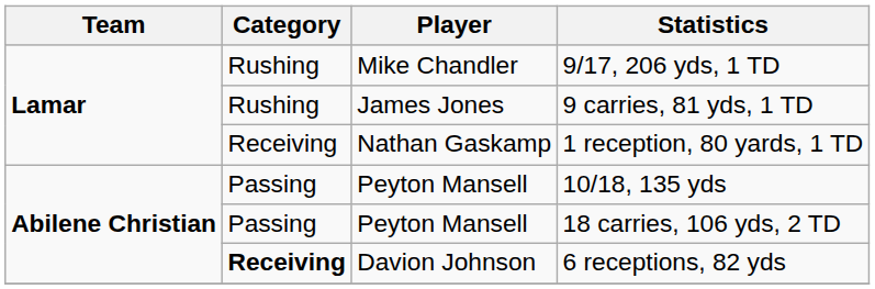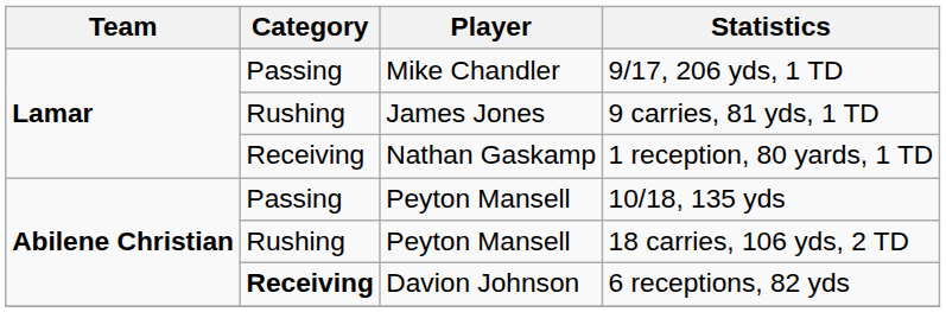 <table class="wikitable" style="float: right;">
 <tr>
 <th>Team</th>
 <th>Category</th>
 <th>Player</th>
 <th>Statistics</th>
 </tr>
 <tr>
 <td rowspan=3><strong>Lamar</strong></td>
-<td>Rushing</td>
+<td>Passing</td>
 <td>Mike Chandler</td>
 <td>9/17, 206 yds, 1 TD</td>
 </tr>
 <tr>
 <td>Rushing</td>
 <td>James Jones</td>
 <td>9 carries, 81 yds, 1 TD</td>
 </tr>
 <tr>
 <td>Receiving</td>
 <td>Nathan Gaskamp</td>
 <td>1 reception, 80 yards, 1 TD</td>
 </tr>
 <tr>
 <td rowspan=3><strong>Abilene Christian</strong></td>
 <td>Passing</td>
 <td>Peyton Mansell</td>
 <td>10/18, 135 yds</td>
 </tr>
 <tr>
-<td>Passing</td>
+<td>Rushing</td>
 <td>Peyton Mansell</td>
 <td>18 carries, 106 yds, 2 TD</td>
 </tr>
 <tr>
 <td><strong>Receiving</strong></td>
 <td>Davion Johnson</td>
 <td>6 receptions, 82 yds</td>
 </tr>
 <tr>
 </tr>
 </table>
